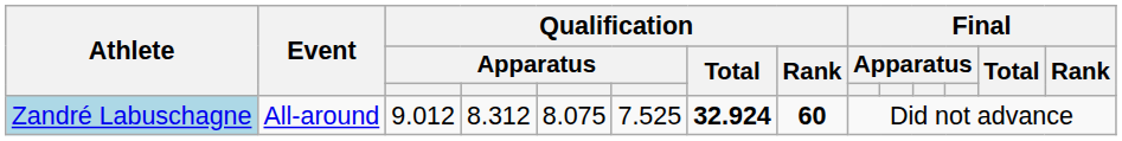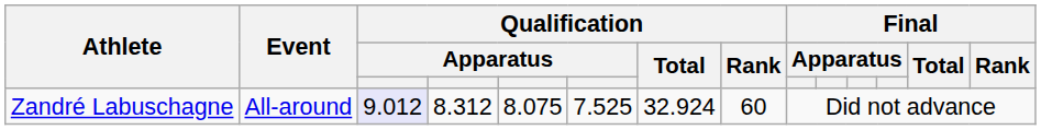 <table class="wikitable" style="font-size:90%">
 <tr>
 <th rowspan=3>Athlete</th>
 <th rowspan=3>Event</th>
 <th colspan=6>Qualification</th>
 <th colspan=6>Final</th>
 </tr>
 <tr style="font-size:95%">
 <th colspan=4>Apparatus</th>
 <th rowspan=2>Total</th>
 <th rowspan=2>Rank</th>
 <th colspan=4>Apparatus</th>
 <th rowspan=2>Total</th>
 <th rowspan=2>Rank</th>
 </tr>
 <tr style="font-size:95%">
 <th></th>
 <th></th>
 <th></th>
 <th></th>
 <th></th>
 <th></th>
 <th></th>
 <th></th>
 </tr>
 <tr align=center>
-<td align=left style="background: lightblue;"><a href='#'>Zandré Labuschagne</a></td>
+<td align=left><a href='#'>Zandré Labuschagne</a></td>
 <td align=left><a href='#'>All-around</a></td>
-<td>9.012</td>
+<td style="background: lavender;">9.012</td>
 <td>8.312</td>
 <td>8.075</td>
 <td>7.525</td>
-<td><strong>32.924</strong></td>
-<td><strong>60</strong></td>
+<td>32.924</td>
+<td>60</td>
 <td colspan=6>Did not advance</td>
 </tr>
 </table>
